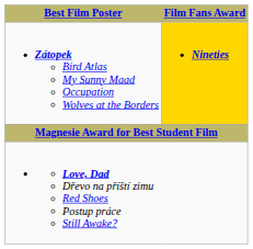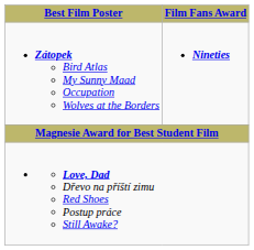 <table class=wikitable>
 <tr>
 <th style="background:#BDB76B;"><a href='#'>Best Film Poster</a></th>
 <th style="background:#BDB76B;"><a href='#'>Film Fans Award</a></th>
 </tr>
 <tr>
 <td valign="top"><br><ul><li><strong><em><a href='#'>Zátopek</a></em></strong><ul><li><em><a href='#'>Bird Atlas</a></em></li><li><em><a href='#'>My Sunny Maad</a></em></li><li><em><a href='#'>Occupation</a></em></li><li><em><a href='#'>Wolves at the Borders</a></em></li></ul></li></ul></td>
-<td valign="top" style="background: gold;"><br><ul><li><strong><em><a href='#'>Nineties</a></em></strong></li></ul></td>
+<td valign="top"><br><ul><li><strong><em><a href='#'>Nineties</a></em></strong></li></ul></td>
 </tr>
 <tr>
 <th style="background:#BDB76B;" colspan="2"><a href='#'>Magnesie Award for Best Student Film</a></th>
 </tr>
 <tr>
 <td colspan="2"><br><ul><li><ul><li><strong><em><a href='#'>Love, Dad</a></em></strong></li><li><em>Dřevo na příští zimu</em></li><li><em><a href='#'>Red Shoes</a></em></li><li><em>Postup práce </em></li><li><em><a href='#'>Still Awake?</a></em></li></ul></li></ul></td>
 </tr>
 </table>
